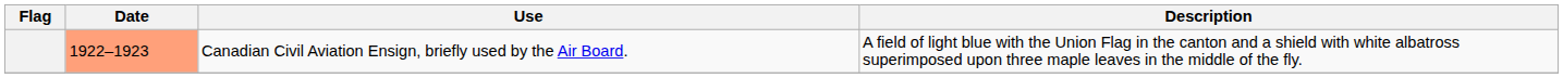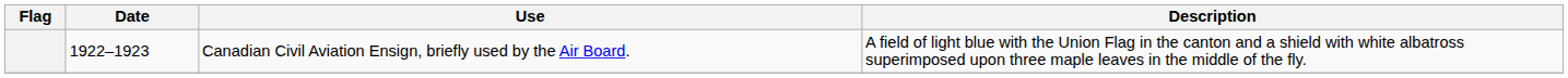 <table class="wikitable">
 <tr>
 <th scope="col">Flag</th>
 <th scope="col">Date</th>
 <th scope="col">Use</th>
 <th scope="col" style="width: 45%;">Description</th>
 </tr>
 <tr>
 <th scope="row"></th>
-<td style="background: lightsalmon;">1922–1923</td>
+<td>1922–1923</td>
 <td>Canadian Civil Aviation Ensign, briefly used by the <a href='#'>Air Board</a>.</td>
 <td>A field of light blue with the Union Flag in the canton and a shield with white albatross superimposed upon three maple leaves in the middle of the fly.</td>
 </tr>
 <tr>
 </tr>
 </table>
